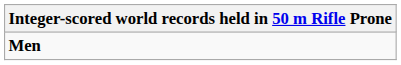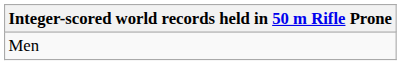 <table class="wikitable" style="font-size: 95%">
 <tr>
 <th colspan=9>Integer-scored world records held in <a href='#'>50 m Rifle</a> Prone</th>
 </tr>
 <tr>
-<td><strong>Men<br></strong></td>
+<td>Men<br></td>
 </tr>
 </table>
